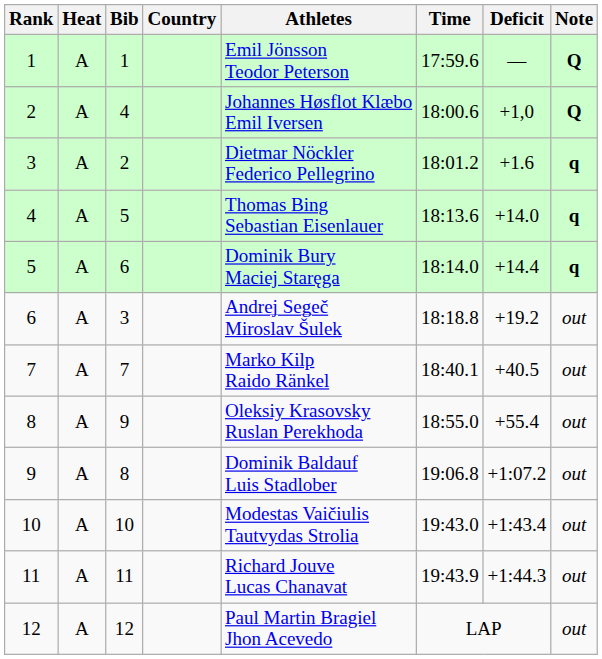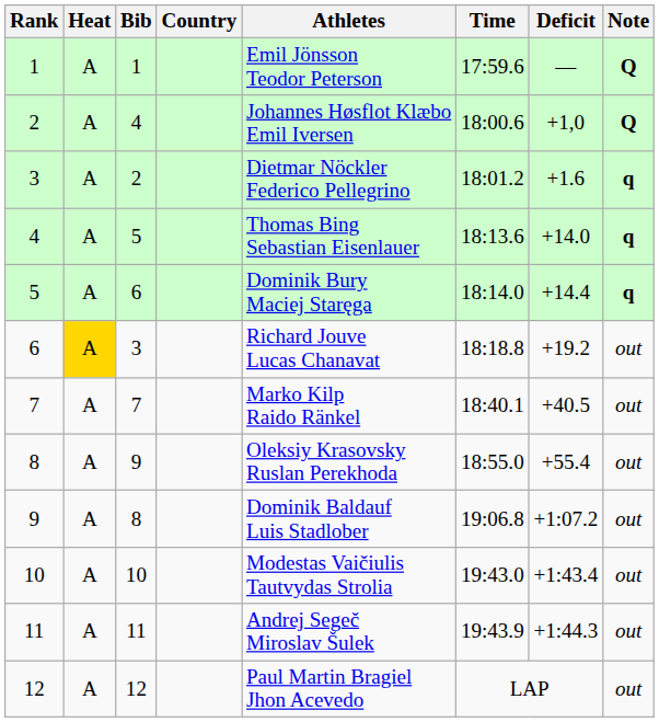 <table class="wikitable sortable" style="text-align:center">
 <tr>
 <th>Rank</th>
 <th>Heat</th>
 <th>Bib</th>
 <th>Country</th>
 <th>Athletes</th>
 <th>Time</th>
 <th>Deficit</th>
 <th>Note</th>
 </tr>
 <tr bgcolor=ccffcc>
 <td>1</td>
 <td>A</td>
 <td>1</td>
 <td align=left></td>
 <td align=left><a href='#'>Emil Jönsson</a><br><a href='#'>Teodor Peterson</a></td>
 <td>17:59.6</td>
 <td>—</td>
 <td><strong>Q</strong></td>
 </tr>
 <tr bgcolor=ccffcc>
 <td>2</td>
 <td>A</td>
 <td>4</td>
 <td align=left></td>
 <td align=left><a href='#'>Johannes Høsflot Klæbo</a><br><a href='#'>Emil Iversen</a></td>
 <td>18:00.6</td>
 <td>+1,0</td>
 <td><strong>Q</strong></td>
 </tr>
 <tr bgcolor=ccffcc>
 <td>3</td>
 <td>A</td>
 <td>2</td>
 <td align=left></td>
 <td align=left><a href='#'>Dietmar Nöckler</a><br><a href='#'>Federico Pellegrino</a></td>
 <td>18:01.2</td>
 <td>+1.6</td>
 <td><strong>q</strong></td>
 </tr>
 <tr bgcolor=ccffcc>
 <td>4</td>
 <td>A</td>
 <td>5</td>
 <td align=left></td>
 <td align=left><a href='#'>Thomas Bing</a><br><a href='#'>Sebastian Eisenlauer</a></td>
 <td>18:13.6</td>
 <td>+14.0</td>
 <td><strong>q</strong></td>
 </tr>
 <tr bgcolor=ccffcc>
 <td>5</td>
 <td>A</td>
 <td>6</td>
 <td align=left></td>
 <td align=left><a href='#'>Dominik Bury</a><br><a href='#'>Maciej Staręga</a></td>
 <td>18:14.0</td>
 <td>+14.4</td>
 <td><strong>q</strong></td>
 </tr>
 <tr>
 <td>6</td>
-<td>A</td>
+<td style="background: gold;">A</td>
 <td>3</td>
 <td align=left></td>
-<td align=left><a href='#'>Andrej Segeč</a><br><a href='#'>Miroslav Šulek</a></td>
+<td align=left><a href='#'>Richard Jouve</a><br><a href='#'>Lucas Chanavat</a></td>
 <td>18:18.8</td>
 <td>+19.2</td>
 <td><em>out</em></td>
 </tr>
 <tr>
 <td>7</td>
 <td>A</td>
 <td>7</td>
 <td align=left></td>
 <td align=left><a href='#'>Marko Kilp</a><br><a href='#'>Raido Ränkel</a></td>
 <td>18:40.1</td>
 <td>+40.5</td>
 <td><em>out</em></td>
 </tr>
 <tr>
 <td>8</td>
 <td>A</td>
 <td>9</td>
 <td align=left></td>
 <td align=left><a href='#'>Oleksiy Krasovsky</a><br><a href='#'>Ruslan Perekhoda</a></td>
 <td>18:55.0</td>
 <td>+55.4</td>
 <td><em>out</em></td>
 </tr>
 <tr>
 <td>9</td>
 <td>A</td>
 <td>8</td>
 <td align=left></td>
 <td align=left><a href='#'>Dominik Baldauf</a><br><a href='#'>Luis Stadlober</a></td>
 <td>19:06.8</td>
 <td>+1:07.2</td>
 <td><em>out</em></td>
 </tr>
 <tr>
 <td>10</td>
 <td>A</td>
 <td>10</td>
 <td align=left></td>
 <td align=left><a href='#'>Modestas Vaičiulis</a><br><a href='#'>Tautvydas Strolia</a></td>
 <td>19:43.0</td>
 <td>+1:43.4</td>
 <td><em>out</em></td>
 </tr>
 <tr>
 <td>11</td>
 <td>A</td>
 <td>11</td>
 <td align=left></td>
-<td align=left><a href='#'>Richard Jouve</a><br><a href='#'>Lucas Chanavat</a></td>
+<td align=left><a href='#'>Andrej Segeč</a><br><a href='#'>Miroslav Šulek</a></td>
 <td>19:43.9</td>
 <td>+1:44.3</td>
 <td><em>out</em></td>
 </tr>
 <tr>
 <td>12</td>
 <td>A</td>
 <td>12</td>
 <td align=left></td>
 <td align=left><a href='#'>Paul Martin Bragiel</a><br><a href='#'>Jhon Acevedo</a></td>
 <td colspan=2>LAP</td>
 <td><em>out</em></td>
 </tr>
 </table>
